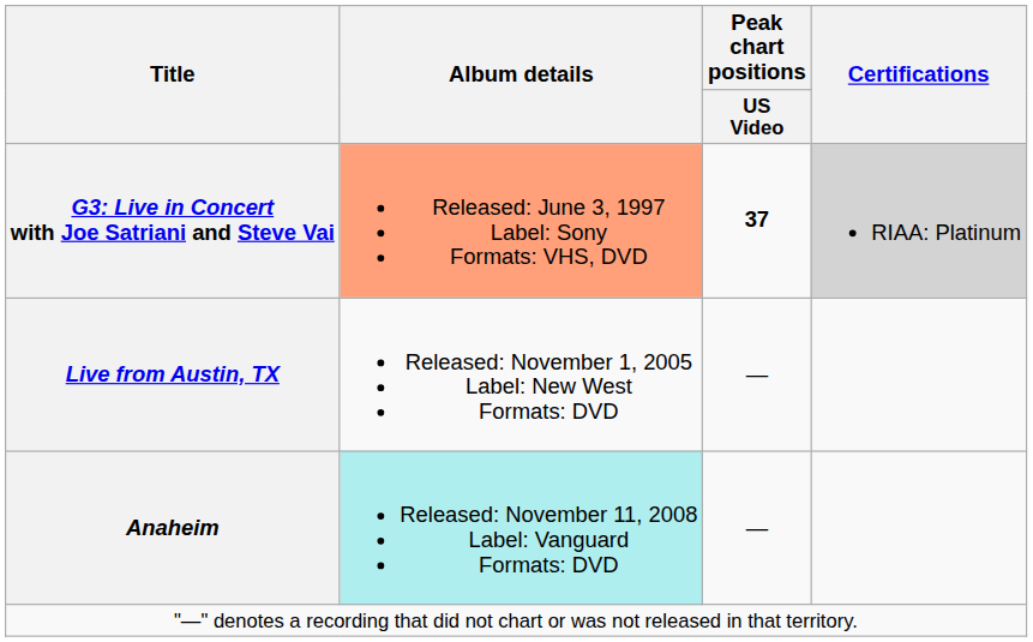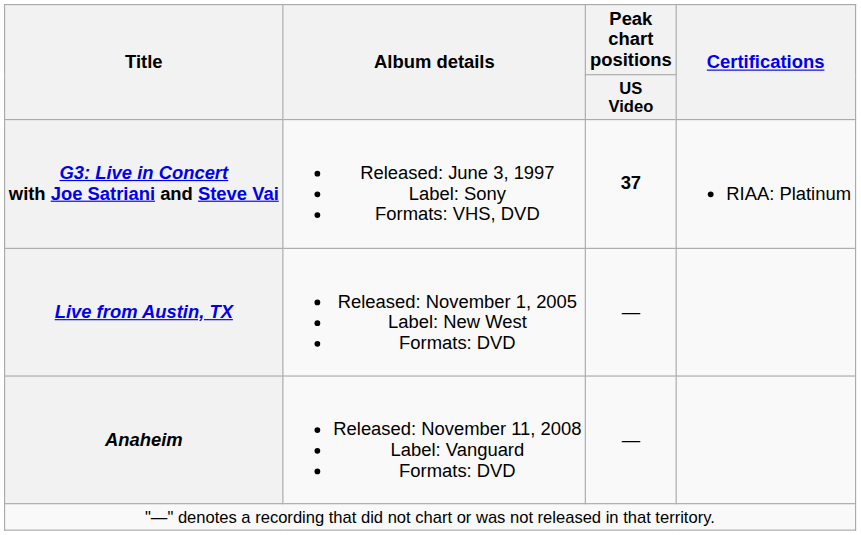 <table class="wikitable plainrowheaders" style="text-align:center;">
 <tr>
 <th scope="col" rowspan="2">Title</th>
 <th scope="col" rowspan="2">Album details</th>
 <th scope="col">Peak chart positions</th>
 <th scope="col" rowspan="2"><a href='#'>Certifications</a></th>
 </tr>
 <tr>
 <th scope="col" style="width:3em;font-size:90%;">US<br>Video<br></th>
 </tr>
 <tr>
 <th scope="row"><em><a href='#'>G3: Live in Concert</a></em><br>with <a href='#'>Joe Satriani</a> and <a href='#'>Steve Vai</a></th>
-<td style="background: lightsalmon;"><br><ul><li>Released: June 3, 1997</li><li>Label: Sony</li><li>Formats: VHS, DVD</li></ul></td>
+<td><br><ul><li>Released: June 3, 1997</li><li>Label: Sony</li><li>Formats: VHS, DVD</li></ul></td>
 <td><strong>37</strong></td>
-<td style="background: lightgrey;"><br><ul><li>RIAA: Platinum</li></ul></td>
+<td><br><ul><li>RIAA: Platinum</li></ul></td>
 </tr>
 <tr>
 <th scope="row"><em><a href='#'>Live from Austin, TX</a></em></th>
 <td><br><ul><li>Released: November 1, 2005</li><li>Label: New West</li><li>Formats: DVD</li></ul></td>
 <td>—</td>
 <td></td>
 </tr>
 <tr>
 <th scope="row"><em>Anaheim</em></th>
-<td style="background: paleturquoise;"><br><ul><li>Released: November 11, 2008</li><li>Label: Vanguard</li><li>Formats: DVD</li></ul></td>
+<td><br><ul><li>Released: November 11, 2008</li><li>Label: Vanguard</li><li>Formats: DVD</li></ul></td>
 <td>—</td>
 <td></td>
 </tr>
 <tr>
 <td colspan="10" style="font-size:90%">"—" denotes a recording that did not chart or was not released in that territory.</td>
 </tr>
 </table>
